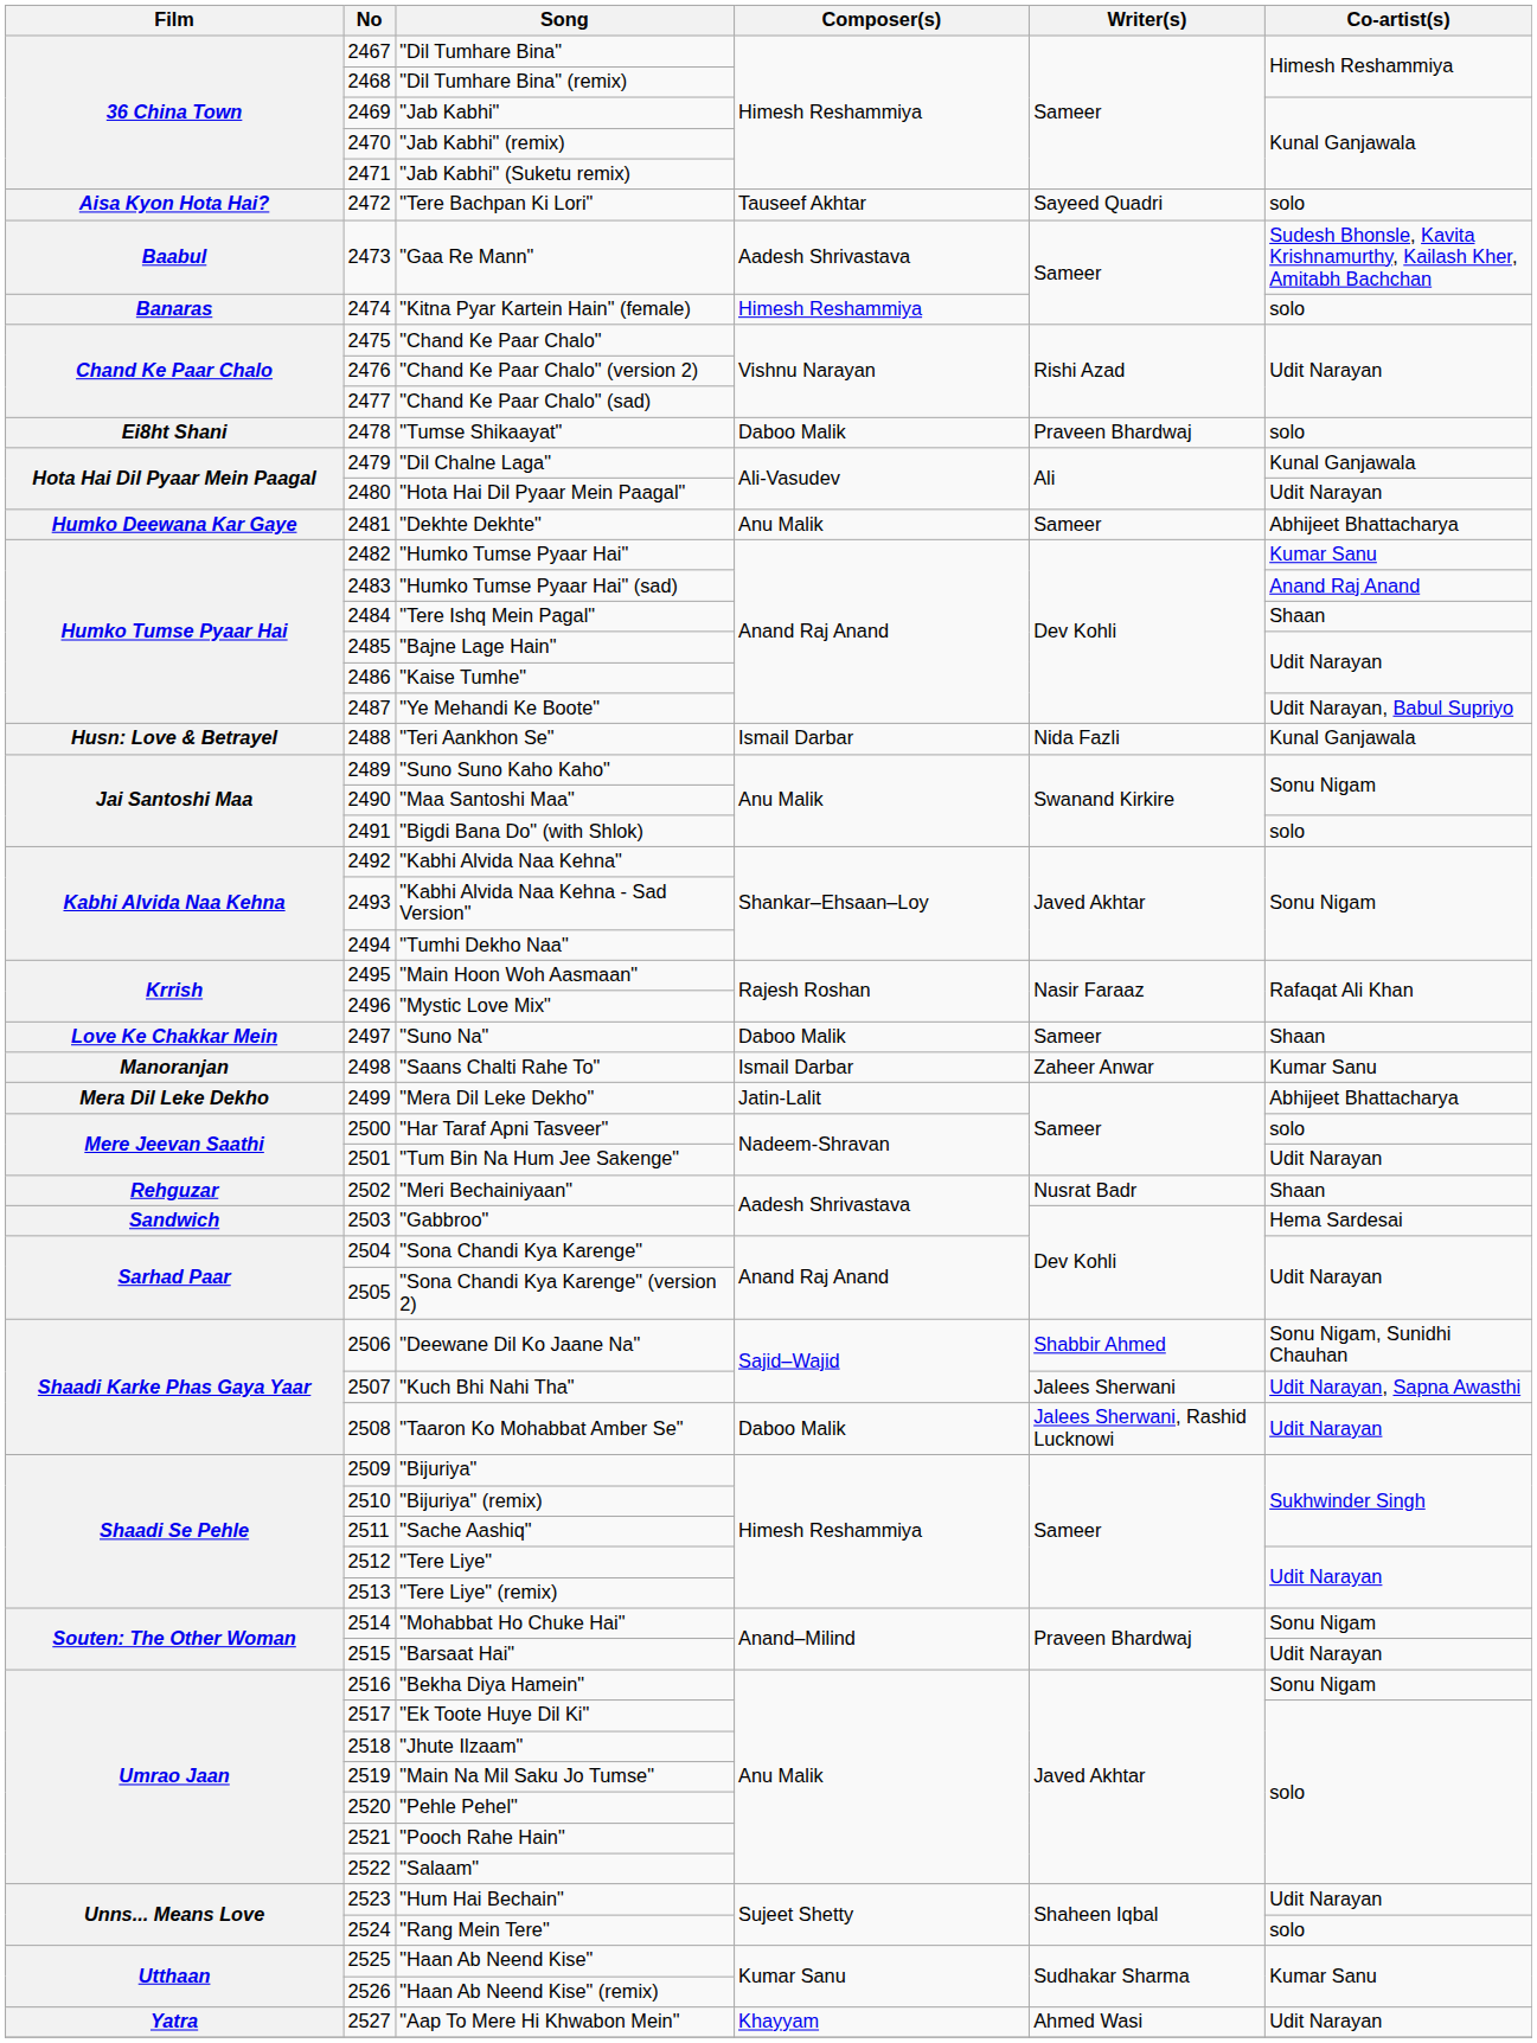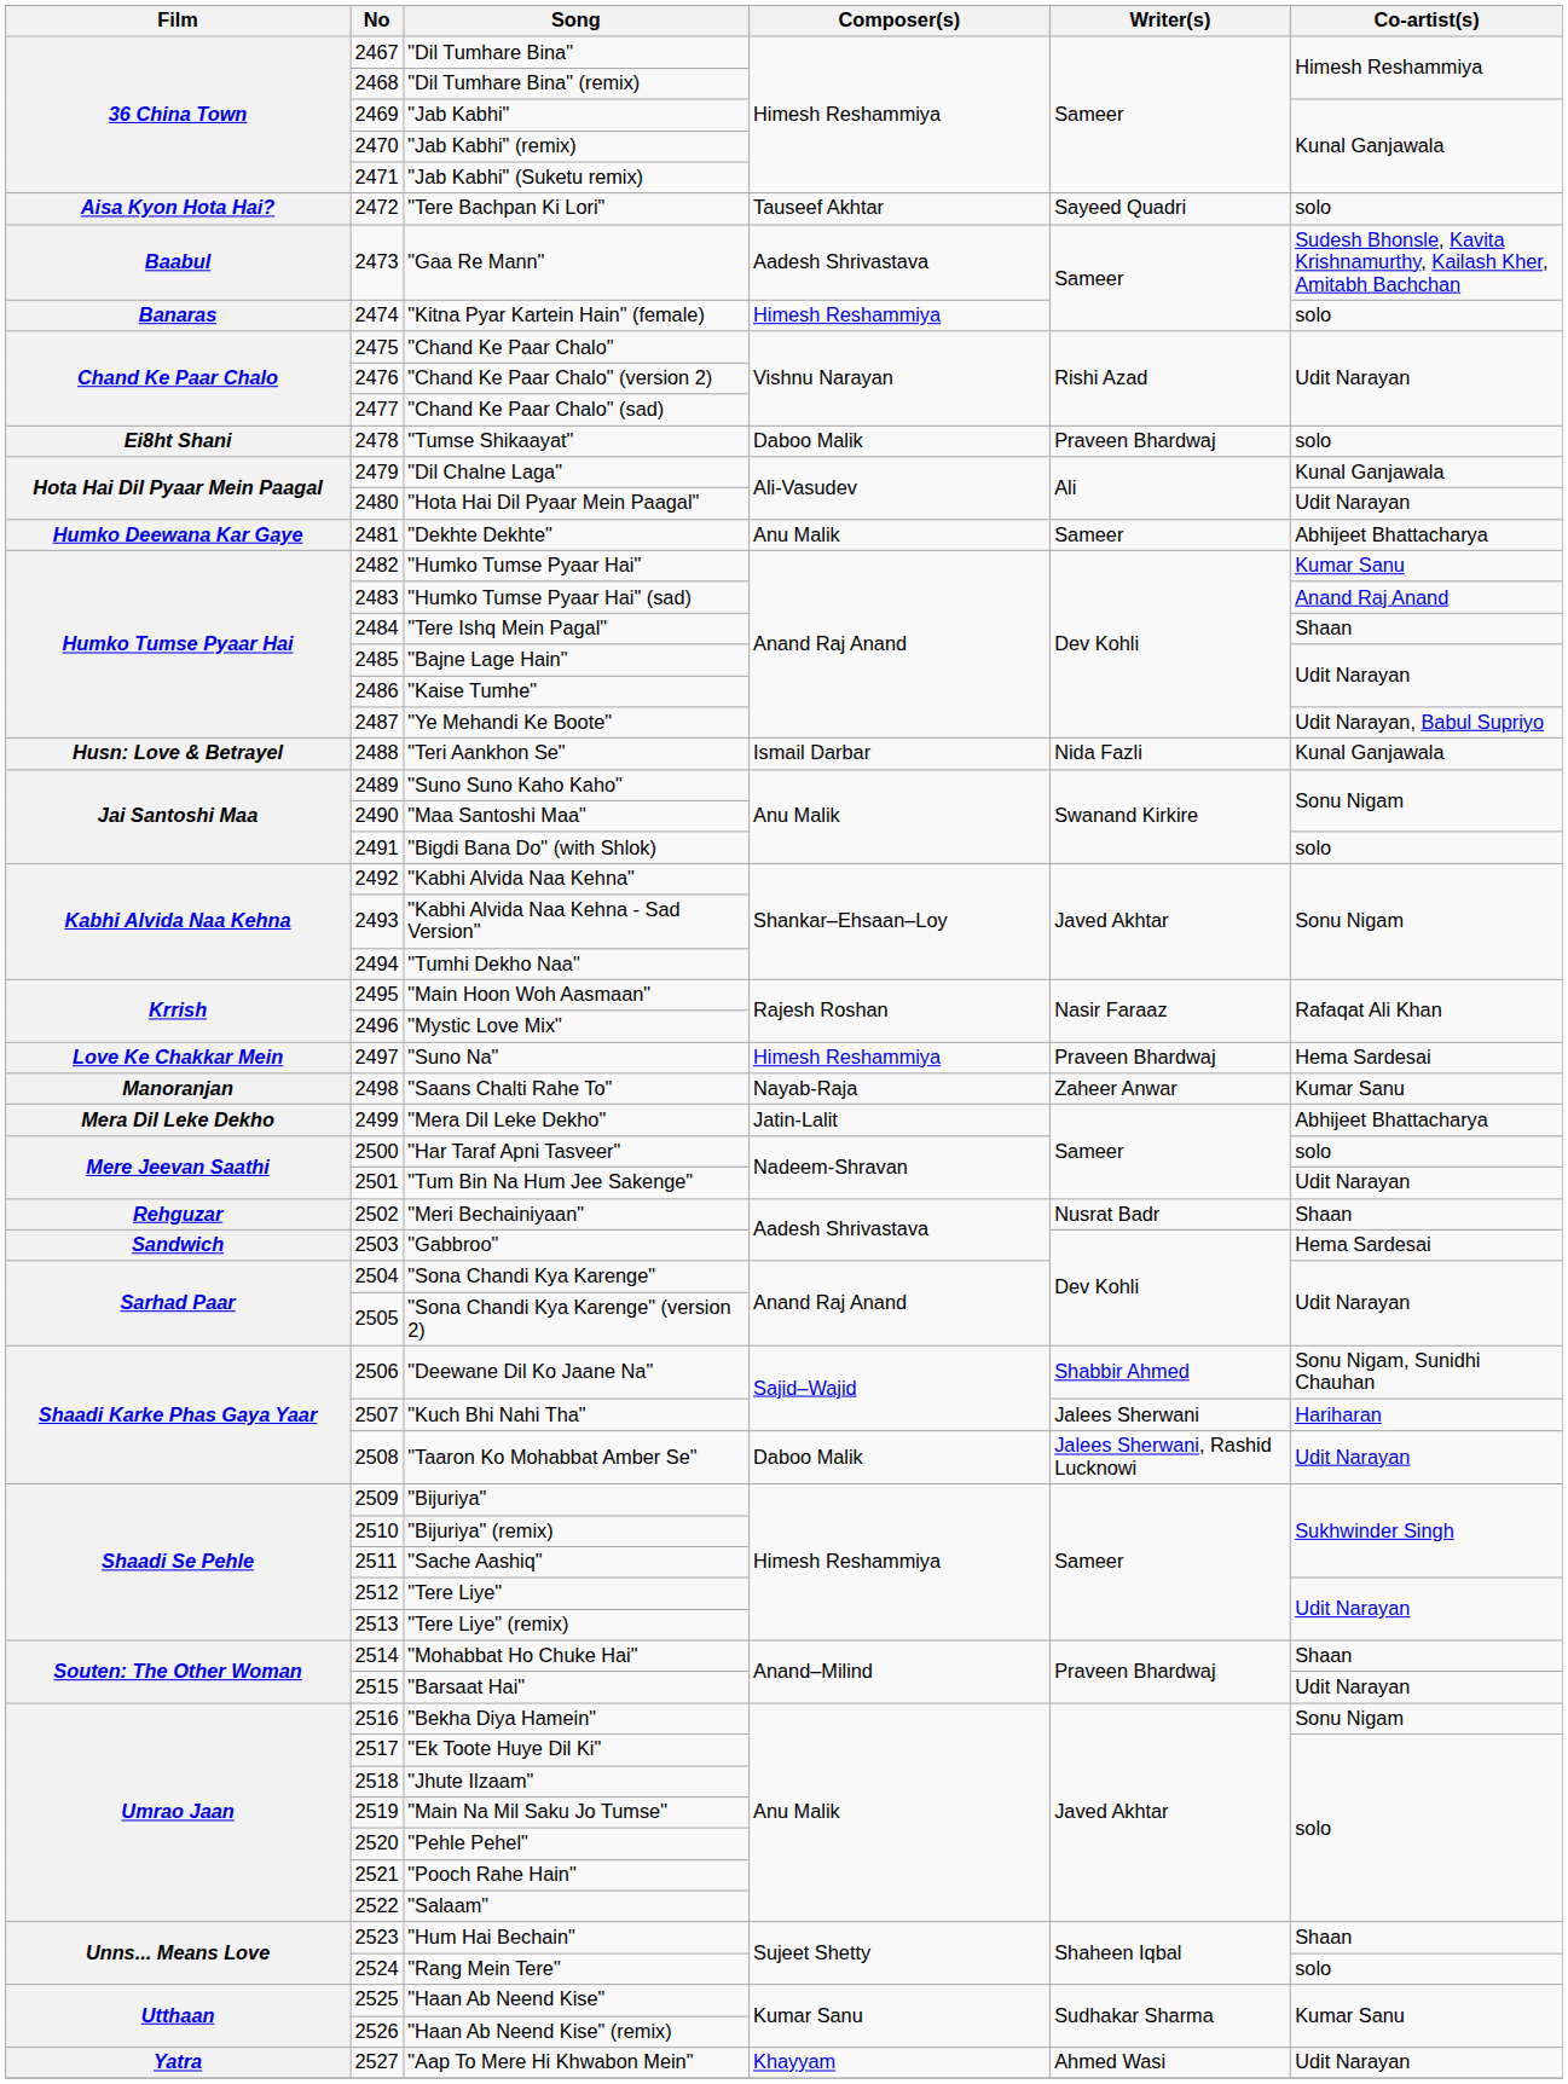 <table class="wikitable plainrowheaders" width="100%" textcolor:#000;">
 <tr style="background:#b0e0e66;">
 <th scope="col" width=23%><strong>Film</strong></th>
 <th><strong>No</strong></th>
 <th scope="col" width=23%><strong>Song</strong></th>
 <th scope="col" width=20%><strong>Composer(s)</strong></th>
 <th scope="col" width=16%><strong>Writer(s)</strong></th>
 <th scope="col" width=18%><strong>Co-artist(s)</strong></th>
 </tr>
 <tr>
 <th rowspan=5><em><a href='#'>36 China Town</a></em></th>
 <td>2467</td>
 <td>"Dil Tumhare Bina"</td>
 <td rowspan=5>Himesh Reshammiya</td>
 <td rowspan=5>Sameer</td>
 <td rowspan=2>Himesh Reshammiya</td>
 </tr>
 <tr>
 <td>2468</td>
 <td>"Dil Tumhare Bina" (remix)</td>
 </tr>
 <tr>
 <td>2469</td>
 <td>"Jab Kabhi"</td>
 <td rowspan=3>Kunal Ganjawala</td>
 </tr>
 <tr>
 <td>2470</td>
 <td>"Jab Kabhi" (remix)</td>
 </tr>
 <tr>
 <td>2471</td>
 <td>"Jab Kabhi" (Suketu remix)</td>
 </tr>
 <tr>
 <th><em><a href='#'>Aisa Kyon Hota Hai?</a></em></th>
 <td>2472</td>
 <td>"Tere Bachpan Ki Lori"</td>
 <td>Tauseef Akhtar</td>
 <td>Sayeed Quadri</td>
 <td>solo</td>
 </tr>
 <tr>
 <th><em><a href='#'>Baabul</a></em></th>
 <td>2473</td>
 <td>"Gaa Re Mann"</td>
 <td>Aadesh Shrivastava</td>
 <td rowspan=2>Sameer</td>
 <td><a href='#'>Sudesh Bhonsle</a>, <a href='#'>Kavita Krishnamurthy</a>, <a href='#'>Kailash Kher</a>, <a href='#'>Amitabh Bachchan</a></td>
 </tr>
 <tr>
 <th><em><a href='#'>Banaras</a></em></th>
 <td>2474</td>
 <td>"Kitna Pyar Kartein Hain" (female)</td>
 <td><a href='#'>Himesh Reshammiya</a></td>
 <td>solo</td>
 </tr>
 <tr>
 <th rowspan=3><em><a href='#'>Chand Ke Paar Chalo</a></em></th>
 <td>2475</td>
 <td>"Chand Ke Paar Chalo"</td>
 <td rowspan=3>Vishnu Narayan</td>
 <td rowspan=3>Rishi Azad</td>
 <td rowspan=3>Udit Narayan</td>
 </tr>
 <tr>
 <td>2476</td>
 <td>"Chand Ke Paar Chalo" (version 2)</td>
 </tr>
 <tr>
 <td>2477</td>
 <td>"Chand Ke Paar Chalo" (sad)</td>
 </tr>
 <tr>
 <th><em>Ei8ht Shani</em></th>
 <td>2478</td>
 <td>"Tumse Shikaayat"</td>
 <td>Daboo Malik</td>
 <td>Praveen Bhardwaj</td>
 <td>solo</td>
 </tr>
 <tr>
 <th rowspan=2><em>Hota Hai Dil Pyaar Mein Paagal</em></th>
 <td>2479</td>
 <td>"Dil Chalne Laga"</td>
 <td rowspan=2>Ali-Vasudev</td>
 <td rowspan=2>Ali</td>
 <td>Kunal Ganjawala</td>
 </tr>
 <tr>
 <td>2480</td>
 <td>"Hota Hai Dil Pyaar Mein Paagal"</td>
 <td>Udit Narayan</td>
 </tr>
 <tr>
 <th><em><a href='#'>Humko Deewana Kar Gaye</a></em></th>
 <td>2481</td>
 <td>"Dekhte Dekhte"</td>
 <td>Anu Malik</td>
 <td>Sameer</td>
 <td>Abhijeet Bhattacharya</td>
 </tr>
 <tr>
 <th rowspan=6><em><a href='#'>Humko Tumse Pyaar Hai</a></em></th>
 <td>2482</td>
 <td>"Humko Tumse Pyaar Hai"</td>
 <td rowspan=6>Anand Raj Anand</td>
 <td rowspan=6>Dev Kohli</td>
 <td><a href='#'>Kumar Sanu</a></td>
 </tr>
 <tr>
 <td>2483</td>
 <td>"Humko Tumse Pyaar Hai" (sad)</td>
 <td><a href='#'>Anand Raj Anand</a></td>
 </tr>
 <tr>
 <td>2484</td>
 <td>"Tere Ishq Mein Pagal"</td>
 <td>Shaan</td>
 </tr>
 <tr>
 <td>2485</td>
 <td>"Bajne Lage Hain"</td>
 <td rowspan=2>Udit Narayan</td>
 </tr>
 <tr>
 <td>2486</td>
 <td>"Kaise Tumhe"</td>
 </tr>
 <tr>
 <td>2487</td>
 <td>"Ye Mehandi Ke Boote"</td>
 <td>Udit Narayan, <a href='#'>Babul Supriyo</a></td>
 </tr>
 <tr>
 <th><em>Husn: Love & Betrayel</em></th>
 <td>2488</td>
 <td>"Teri Aankhon Se"</td>
 <td>Ismail Darbar</td>
 <td>Nida Fazli</td>
 <td>Kunal Ganjawala</td>
 </tr>
 <tr>
 <th rowspan=3><em>Jai Santoshi Maa</em></th>
 <td>2489</td>
 <td>"Suno Suno Kaho Kaho"</td>
 <td rowspan=3>Anu Malik</td>
 <td rowspan=3>Swanand Kirkire</td>
 <td rowspan=2>Sonu Nigam</td>
 </tr>
 <tr>
 <td>2490</td>
 <td>"Maa Santoshi Maa"</td>
 </tr>
 <tr>
 <td>2491</td>
 <td>"Bigdi Bana Do" (with Shlok)</td>
 <td>solo</td>
 </tr>
 <tr>
 <th rowspan="3"><em><a href='#'>Kabhi Alvida Naa Kehna</a></em></th>
 <td>2492</td>
 <td>"Kabhi Alvida Naa Kehna"</td>
 <td rowspan="3">Shankar–Ehsaan–Loy</td>
 <td rowspan="3">Javed Akhtar</td>
 <td rowspan="3">Sonu Nigam</td>
 </tr>
 <tr>
 <td>2493</td>
 <td>"Kabhi Alvida Naa Kehna - Sad Version"</td>
 </tr>
 <tr>
 <td>2494</td>
 <td>"Tumhi Dekho Naa"</td>
 </tr>
 <tr>
 <th rowspan="2"><em><a href='#'>Krrish</a></em></th>
 <td>2495</td>
 <td>"Main Hoon Woh Aasmaan"</td>
 <td rowspan="2">Rajesh Roshan</td>
 <td rowspan="2">Nasir Faraaz</td>
 <td rowspan="2">Rafaqat Ali Khan</td>
 </tr>
 <tr>
 <td>2496</td>
 <td>"Mystic Love Mix"</td>
 </tr>
 <tr>
 <th><em><a href='#'>Love Ke Chakkar Mein</a></em></th>
 <td>2497</td>
 <td>"Suno Na"</td>
-<td>Daboo Malik</td>
-<td>Sameer</td>
-<td>Shaan</td>
+<td><a href='#'>Himesh Reshammiya</a></td>
+<td>Praveen Bhardwaj</td>
+<td>Hema Sardesai</td>
 </tr>
 <tr>
 <th><em>Manoranjan</em></th>
 <td>2498</td>
 <td>"Saans Chalti Rahe To"</td>
-<td>Ismail Darbar</td>
+<td>Nayab-Raja</td>
 <td>Zaheer Anwar</td>
 <td>Kumar Sanu</td>
 </tr>
 <tr>
 <th><em>Mera Dil Leke Dekho</em></th>
 <td>2499</td>
 <td>"Mera Dil Leke Dekho"</td>
 <td>Jatin-Lalit</td>
 <td rowspan="3">Sameer</td>
 <td>Abhijeet Bhattacharya</td>
 </tr>
 <tr>
 <th rowspan="2"><em><a href='#'>Mere Jeevan Saathi</a></em></th>
 <td>2500</td>
 <td>"Har Taraf Apni Tasveer"</td>
 <td rowspan="2">Nadeem-Shravan</td>
 <td>solo</td>
 </tr>
 <tr>
 <td>2501</td>
 <td>"Tum Bin Na Hum Jee Sakenge"</td>
 <td>Udit Narayan</td>
 </tr>
 <tr>
 <th><em><a href='#'>Rehguzar</a></em></th>
 <td>2502</td>
 <td>"Meri Bechainiyaan"</td>
 <td rowspan="2">Aadesh Shrivastava</td>
 <td>Nusrat Badr</td>
 <td>Shaan</td>
 </tr>
 <tr>
 <th><em><a href='#'>Sandwich</a></em></th>
 <td>2503</td>
 <td>"Gabbroo"</td>
 <td rowspan="3">Dev Kohli</td>
 <td>Hema Sardesai</td>
 </tr>
 <tr>
 <th rowspan="2"><em><a href='#'>Sarhad Paar</a></em></th>
 <td>2504</td>
 <td>"Sona Chandi Kya Karenge"</td>
 <td rowspan="2">Anand Raj Anand</td>
 <td rowspan="2">Udit Narayan</td>
 </tr>
 <tr>
 <td>2505</td>
 <td>"Sona Chandi Kya Karenge" (version 2)</td>
 </tr>
 <tr>
 <th rowspan="3"><em><a href='#'>Shaadi Karke Phas Gaya Yaar</a></em></th>
 <td>2506</td>
 <td>"Deewane Dil Ko Jaane Na"</td>
 <td rowspan="2"><a href='#'>Sajid–Wajid</a></td>
 <td><a href='#'>Shabbir Ahmed</a></td>
 <td>Sonu Nigam, Sunidhi Chauhan</td>
 </tr>
 <tr>
 <td>2507</td>
 <td>"Kuch Bhi Nahi Tha"</td>
 <td>Jalees Sherwani</td>
-<td><a href='#'>Udit Narayan</a>, <a href='#'>Sapna Awasthi</a></td>
+<td><a href='#'>Hariharan</a></td>
 </tr>
 <tr>
 <td>2508</td>
 <td>"Taaron Ko Mohabbat Amber Se"</td>
 <td>Daboo Malik</td>
 <td><a href='#'>Jalees Sherwani</a>, Rashid Lucknowi</td>
 <td><a href='#'>Udit Narayan</a></td>
 </tr>
 <tr>
 <th rowspan="5"><em><a href='#'>Shaadi Se Pehle</a></em></th>
 <td>2509</td>
 <td>"Bijuriya"</td>
 <td rowspan="5">Himesh Reshammiya</td>
 <td rowspan="5">Sameer</td>
 <td rowspan="3"><a href='#'>Sukhwinder Singh</a></td>
 </tr>
 <tr>
 <td>2510</td>
 <td>"Bijuriya" (remix)</td>
 </tr>
 <tr>
 <td>2511</td>
 <td>"Sache Aashiq"</td>
 </tr>
 <tr>
 <td>2512</td>
 <td>"Tere Liye"</td>
 <td rowspan="2"><a href='#'>Udit Narayan</a></td>
 </tr>
 <tr>
 <td>2513</td>
 <td>"Tere Liye" (remix)</td>
 </tr>
 <tr>
 <th rowspan="2"><em><a href='#'>Souten: The Other Woman</a></em></th>
 <td>2514</td>
 <td>"Mohabbat Ho Chuke Hai"</td>
 <td rowspan="2">Anand–Milind</td>
 <td rowspan="2">Praveen Bhardwaj</td>
-<td>Sonu Nigam</td>
+<td>Shaan</td>
 </tr>
 <tr>
 <td>2515</td>
 <td>"Barsaat Hai"</td>
 <td>Udit Narayan</td>
 </tr>
 <tr>
 <th rowspan="7"><em><a href='#'>Umrao Jaan</a></em></th>
 <td>2516</td>
 <td>"Bekha Diya Hamein"</td>
 <td rowspan="7">Anu Malik</td>
 <td rowspan="7">Javed Akhtar</td>
 <td>Sonu Nigam</td>
 </tr>
 <tr>
 <td>2517</td>
 <td>"Ek Toote Huye Dil Ki"</td>
 <td rowspan="6">solo</td>
 </tr>
 <tr>
 <td>2518</td>
 <td>"Jhute Ilzaam"</td>
 </tr>
 <tr>
 <td>2519</td>
 <td>"Main Na Mil Saku Jo Tumse"</td>
 </tr>
 <tr>
 <td>2520</td>
 <td>"Pehle Pehel"</td>
 </tr>
 <tr>
 <td>2521</td>
 <td>"Pooch Rahe Hain"</td>
 </tr>
 <tr>
 <td>2522</td>
 <td>"Salaam"</td>
 </tr>
 <tr>
 <th rowspan="2"><em>Unns... Means Love</em></th>
 <td>2523</td>
 <td>"Hum Hai Bechain"</td>
 <td rowspan="2">Sujeet Shetty</td>
 <td rowspan="2">Shaheen Iqbal</td>
-<td>Udit Narayan</td>
+<td>Shaan</td>
 </tr>
 <tr>
 <td>2524</td>
 <td>"Rang Mein Tere"</td>
 <td>solo</td>
 </tr>
 <tr>
 <th rowspan="2"><em><a href='#'>Utthaan</a></em></th>
 <td>2525</td>
 <td>"Haan Ab Neend Kise"</td>
 <td rowspan="2">Kumar Sanu</td>
 <td rowspan="2">Sudhakar Sharma</td>
 <td rowspan="2">Kumar Sanu</td>
 </tr>
 <tr>
 <td>2526</td>
 <td>"Haan Ab Neend Kise" (remix)</td>
 </tr>
 <tr>
 <th><em><a href='#'>Yatra</a></em></th>
 <td>2527</td>
 <td>"Aap To Mere Hi Khwabon Mein"</td>
 <td><a href='#'>Khayyam</a></td>
 <td>Ahmed Wasi</td>
 <td>Udit Narayan</td>
 </tr>
 <tr>
 </tr>
 </table>
